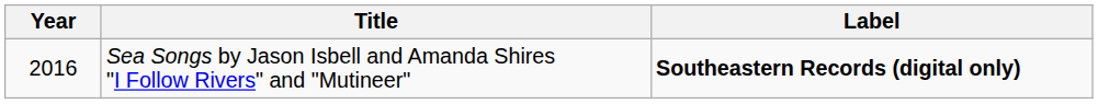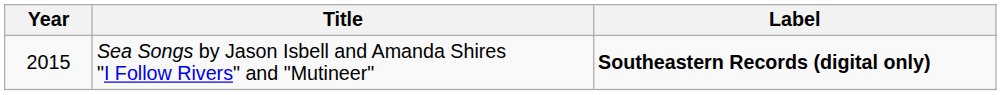 <table class="wikitable">
 <tr>
 <th style="width:4.0em;">Year</th>
 <th style="width:25em;">Title</th>
 <th style="width:20em;">Label</th>
 </tr>
 <tr>
-<td style="text-align:center;">2016</td>
+<td style="text-align:center;">2015</td>
 <td><em>Sea Songs</em> by Jason Isbell and Amanda Shires<br>"<a href='#'>I Follow Rivers</a>" and "Mutineer"</td>
 <td><strong>Southeastern Records (digital only)</strong></td>
 </tr>
 </table>
